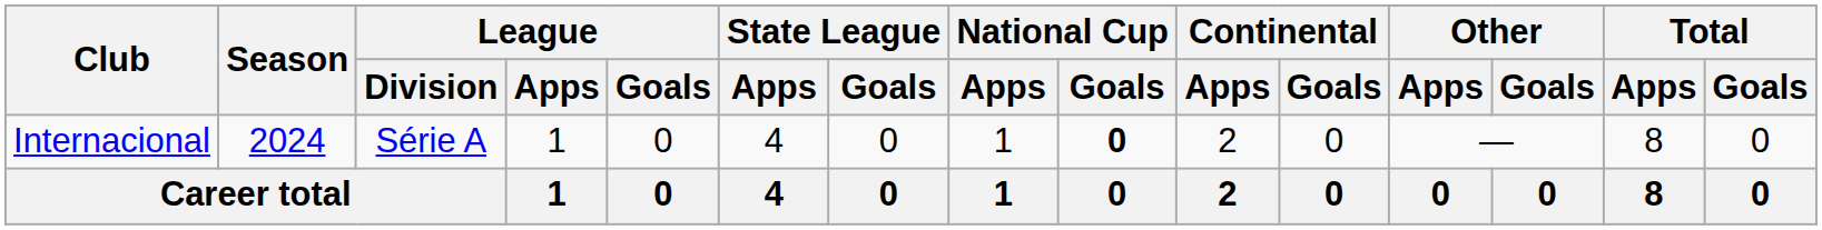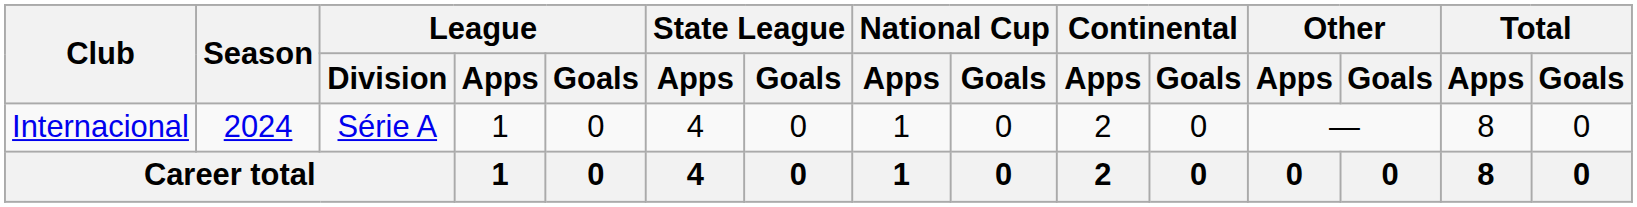 <table class="wikitable" style="text-align:center">
 <tr>
 <th rowspan="2">Club</th>
 <th rowspan="2">Season</th>
 <th colspan="3">League</th>
 <th colspan="2">State League</th>
 <th colspan="2">National Cup</th>
 <th colspan="2">Continental</th>
 <th colspan="2">Other</th>
 <th colspan="2">Total</th>
 </tr>
 <tr>
 <th>Division</th>
 <th>Apps</th>
 <th>Goals</th>
 <th>Apps</th>
 <th>Goals</th>
 <th>Apps</th>
 <th>Goals</th>
 <th>Apps</th>
 <th>Goals</th>
 <th>Apps</th>
 <th>Goals</th>
 <th>Apps</th>
 <th>Goals</th>
 </tr>
 <tr>
 <td><a href='#'>Internacional</a></td>
 <td><a href='#'>2024</a></td>
 <td><a href='#'>Série A</a></td>
 <td>1</td>
 <td>0</td>
 <td>4</td>
 <td>0</td>
 <td>1</td>
-<td><strong>0</strong></td>
+<td>0</td>
 <td>2</td>
 <td>0</td>
 <td colspan="2">—</td>
 <td>8</td>
 <td>0</td>
 </tr>
 <tr>
 <th colspan="3">Career total</th>
 <th>1</th>
 <th>0</th>
 <th>4</th>
 <th>0</th>
 <th>1</th>
 <th>0</th>
 <th>2</th>
 <th>0</th>
 <th>0</th>
 <th>0</th>
 <th>8</th>
 <th>0</th>
 </tr>
 </table>
